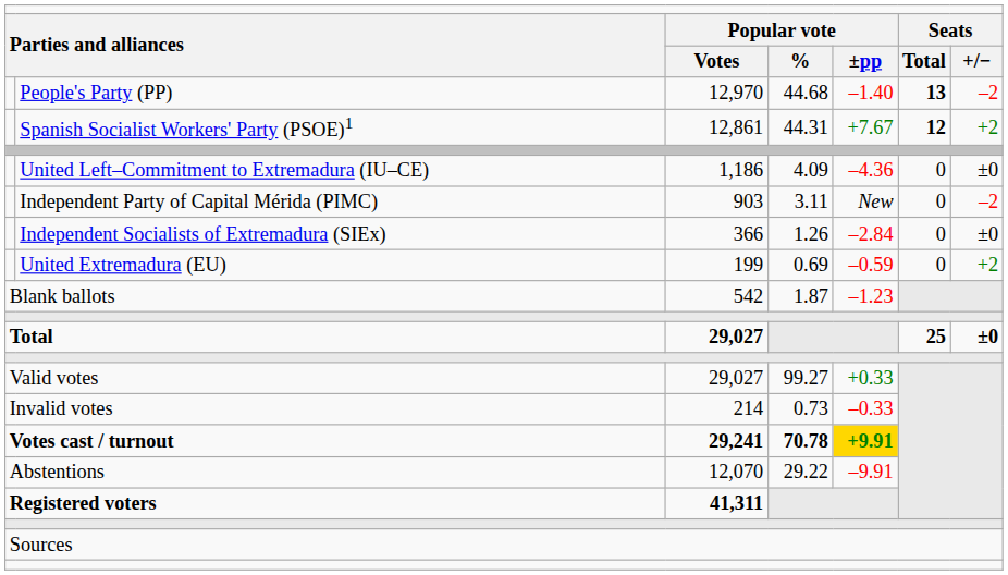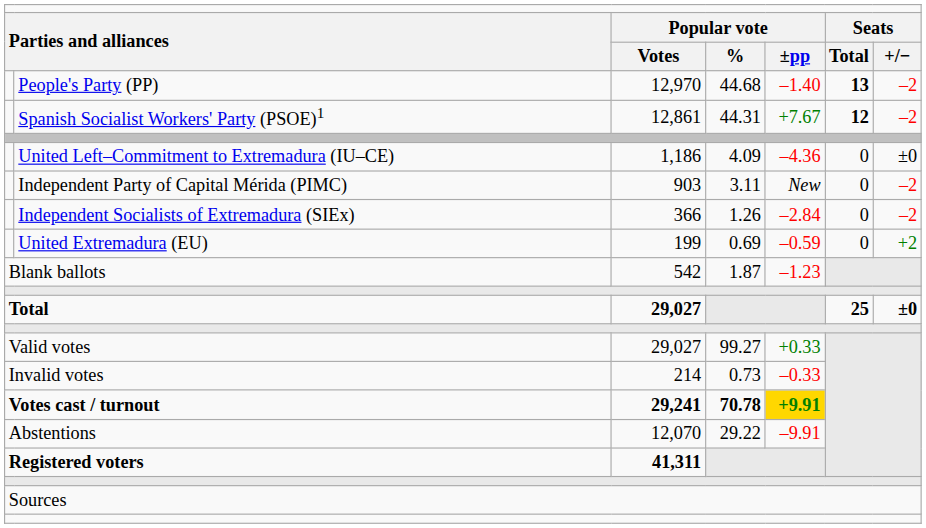 <table class="wikitable" style="text-align:right;">
 <tr>
 <td colspan="7"></td>
 </tr>
 <tr>
 <th style="text-align:left;" rowspan="2" colspan="2" width="525">Parties and alliances</th>
 <th colspan="3">Popular vote</th>
 <th colspan="2">Seats</th>
 </tr>
 <tr>
 <th width="75">Votes</th>
 <th width="45">%</th>
 <th width="45">±<a href='#'>pp</a></th>
 <th width="35">Total</th>
 <th width="35">+/−</th>
 </tr>
 <tr>
 <td width="1" style="color:inherit;background:"></td>
 <td align="left"><a href='#'>People's Party</a> (PP)</td>
 <td>12,970</td>
 <td>44.68</td>
 <td style="color:red;">–1.40</td>
 <td><strong>13</strong></td>
 <td style="color:red;">–2</td>
 </tr>
 <tr>
 <td style="color:inherit;background:"></td>
 <td align="left"><a href='#'>Spanish Socialist Workers' Party</a> (PSOE)<sup>1</sup></td>
 <td>12,861</td>
 <td>44.31</td>
 <td style="color:green;">+7.67</td>
 <td><strong>12</strong></td>
-<td style="color:green;">+2</td>
+<td style="color:red;">–2</td>
 </tr>
 <tr>
 <td colspan="7" bgcolor="#C0C0C0"></td>
 </tr>
 <tr>
 <td style="color:inherit;background:"></td>
 <td align="left"><a href='#'>United Left–Commitment to Extremadura</a> (IU–CE)</td>
 <td>1,186</td>
 <td>4.09</td>
 <td style="color:red;">–4.36</td>
 <td>0</td>
 <td>±0</td>
 </tr>
 <tr>
 <td style="color:inherit;background:"></td>
 <td align="left">Independent Party of Capital Mérida (PIMC)</td>
 <td>903</td>
 <td>3.11</td>
 <td><em>New</em></td>
 <td>0</td>
 <td style="color:red;">–2</td>
 </tr>
 <tr>
 <td style="color:inherit;background:"></td>
 <td align="left"><a href='#'>Independent Socialists of Extremadura</a> (SIEx)</td>
 <td>366</td>
 <td>1.26</td>
 <td style="color:red;">–2.84</td>
 <td>0</td>
-<td>±0</td>
+<td style="color:red;">–2</td>
 </tr>
 <tr>
 <td style="color:inherit;background:"></td>
 <td align="left"><a href='#'>United Extremadura</a> (EU)</td>
 <td>199</td>
 <td>0.69</td>
 <td style="color:red;">–0.59</td>
 <td>0</td>
 <td style="color:green;">+2</td>
 </tr>
 <tr>
 <td align="left" colspan="2">Blank ballots</td>
 <td>542</td>
 <td>1.87</td>
 <td style="color:red;">–1.23</td>
 <td bgcolor="#E9E9E9" colspan="2"></td>
 </tr>
 <tr>
 <td colspan="7" bgcolor="#E9E9E9"></td>
 </tr>
 <tr style="font-weight:bold;">
 <td align="left" colspan="2">Total</td>
 <td>29,027</td>
 <td bgcolor="#E9E9E9" colspan="2"></td>
 <td>25</td>
 <td>±0</td>
 </tr>
 <tr>
 <td colspan="7" bgcolor="#E9E9E9"></td>
 </tr>
 <tr>
 <td align="left" colspan="2">Valid votes</td>
 <td>29,027</td>
 <td>99.27</td>
 <td style="color:green;">+0.33</td>
 <td bgcolor="#E9E9E9" colspan="2" rowspan="5"></td>
 </tr>
 <tr>
 <td align="left" colspan="2">Invalid votes</td>
 <td>214</td>
 <td>0.73</td>
 <td style="color:red;">–0.33</td>
 </tr>
 <tr style="font-weight:bold;">
 <td align="left" colspan="2">Votes cast / turnout</td>
 <td>29,241</td>
 <td>70.78</td>
 <td style="background: gold; color:green;">+9.91</td>
 </tr>
 <tr>
 <td align="left" colspan="2">Abstentions</td>
 <td>12,070</td>
 <td>29.22</td>
 <td style="color:red;">–9.91</td>
 </tr>
 <tr style="font-weight:bold;">
 <td align="left" colspan="2">Registered voters</td>
 <td>41,311</td>
 <td bgcolor="#E9E9E9" colspan="2"></td>
 </tr>
 <tr>
 <td colspan="7" bgcolor="#E9E9E9"></td>
 </tr>
 <tr>
 <td align="left" colspan="7">Sources</td>
 </tr>
 <tr>
 <td colspan="7" style="text-align:left; max-width:790px;"></td>
 </tr>
 </table>
